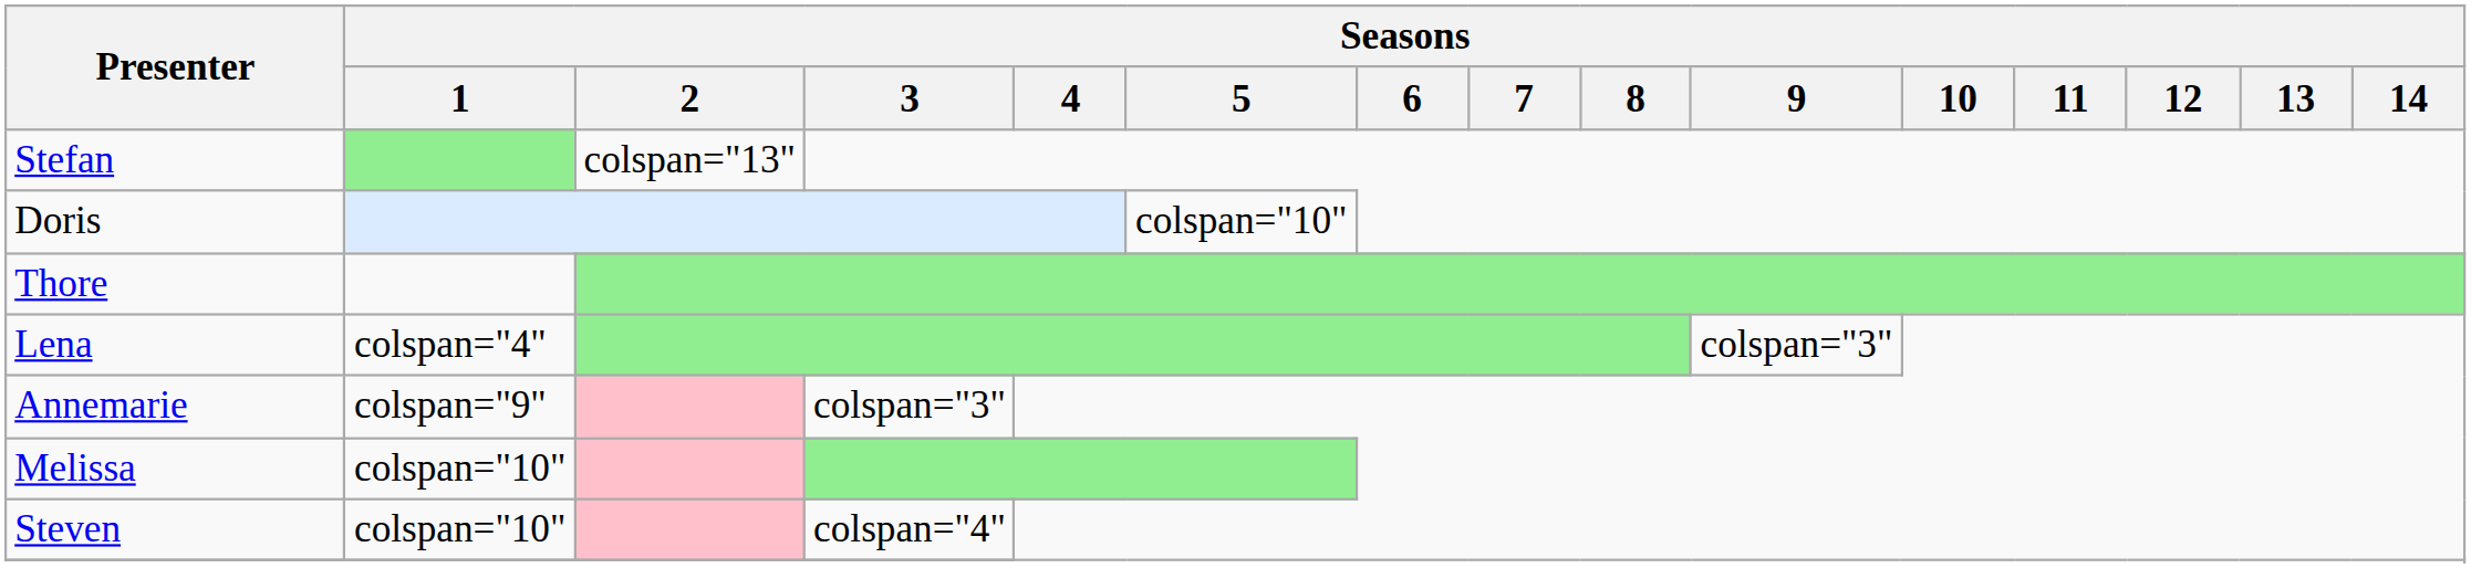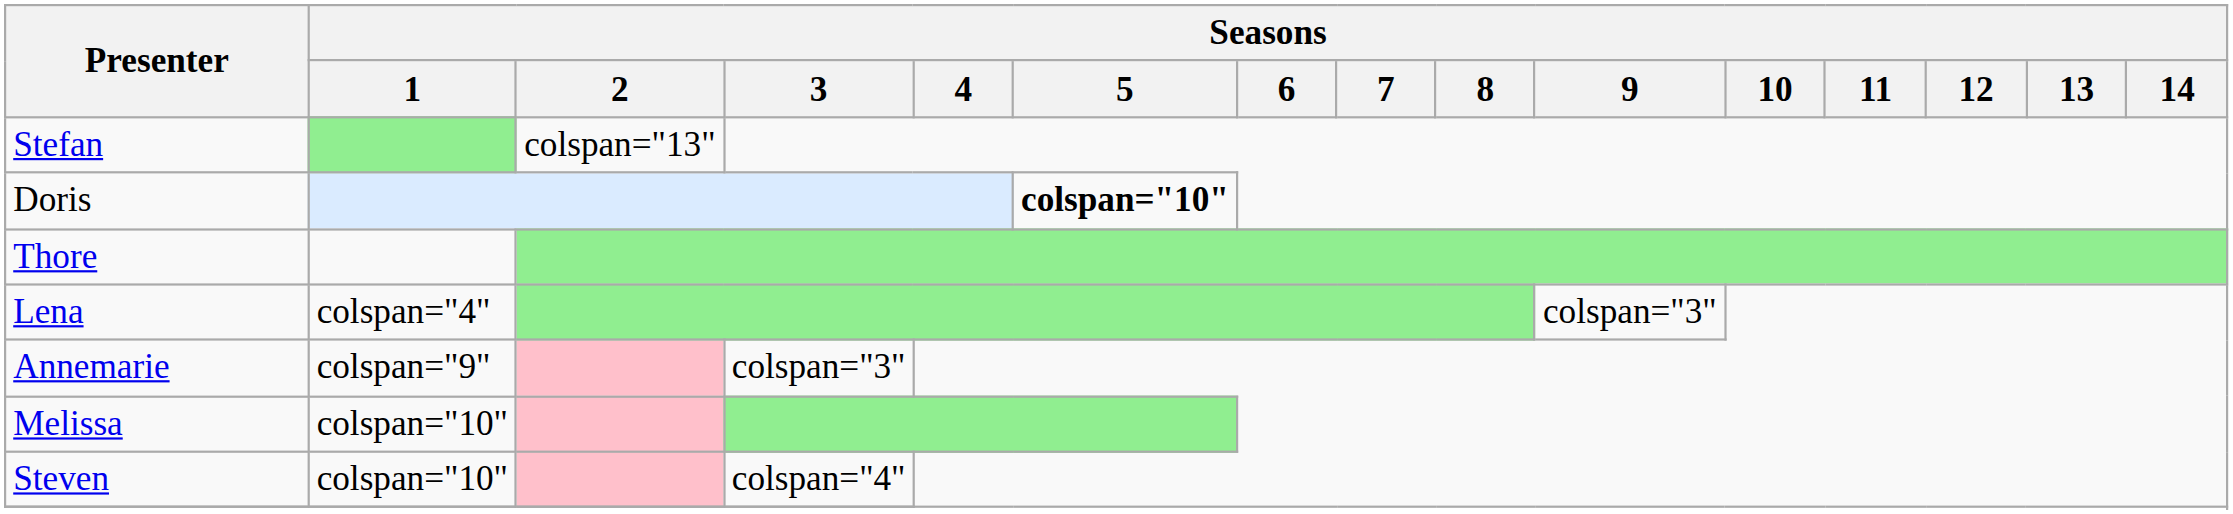 <table class="wikitable" width="80%">
 <tr>
 <th rowspan="2" width="135">Presenter</th>
 <th colspan="14">Seasons</th>
 </tr>
 <tr>
 <th width="40">1</th>
 <th width="40">2</th>
 <th width="40">3</th>
 <th width="40">4</th>
 <th width="40">5</th>
 <th width="40">6</th>
 <th width="40">7</th>
 <th width="40">8</th>
 <th width="40">9</th>
 <th width="40">10</th>
 <th width="40">11</th>
 <th width="40">12</th>
 <th width="40">13</th>
 <th width="40">14</th>
 </tr>
 <tr>
 <td><a href='#'>Stefan</a></td>
 <td style="background:lightgreen"></td>
 <td>colspan="13" </td>
 </tr>
 <tr>
 <td>Doris</td>
 <td colspan="4" style="background:#DAEBFF"></td>
-<td>colspan="10" </td>
+<td><strong>colspan="10" </strong></td>
 </tr>
 <tr>
 <td><a href='#'>Thore</a></td>
 <td></td>
 <td colspan="13" style="background:lightgreen"></td>
 </tr>
 <tr>
 <td><a href='#'>Lena</a></td>
 <td>colspan="4" </td>
 <td colspan="7" style="background:lightgreen"></td>
 <td>colspan="3" </td>
 </tr>
 <tr>
 <td><a href='#'>Annemarie</a></td>
 <td>colspan="9" </td>
 <td style="background:pink"></td>
 <td>colspan="3" </td>
 </tr>
 <tr>
 <td><a href='#'>Melissa</a></td>
 <td>colspan="10" </td>
 <td style="background:pink"></td>
 <td colspan="3" style="background:lightgreen"></td>
 </tr>
 <tr>
 <td><a href='#'>Steven</a></td>
 <td>colspan="10" </td>
 <td style="background:pink"></td>
 <td>colspan="4" </td>
 </tr>
 <tr>
 </tr>
 </table>
